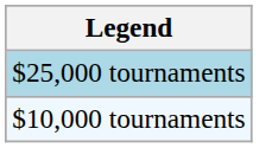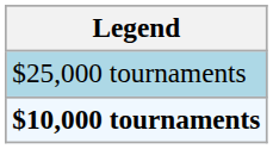 <table class=wikitable style="font-size:85%">
 <tr>
 <th>Legend</th>
 </tr>
 <tr style="background:lightblue;">
 <td>$25,000 tournaments</td>
 </tr>
 <tr style="background:#f0f8ff;">
-<td>$10,000 tournaments</td>
+<td><strong>$10,000 tournaments</strong></td>
 </tr>
 </table>
